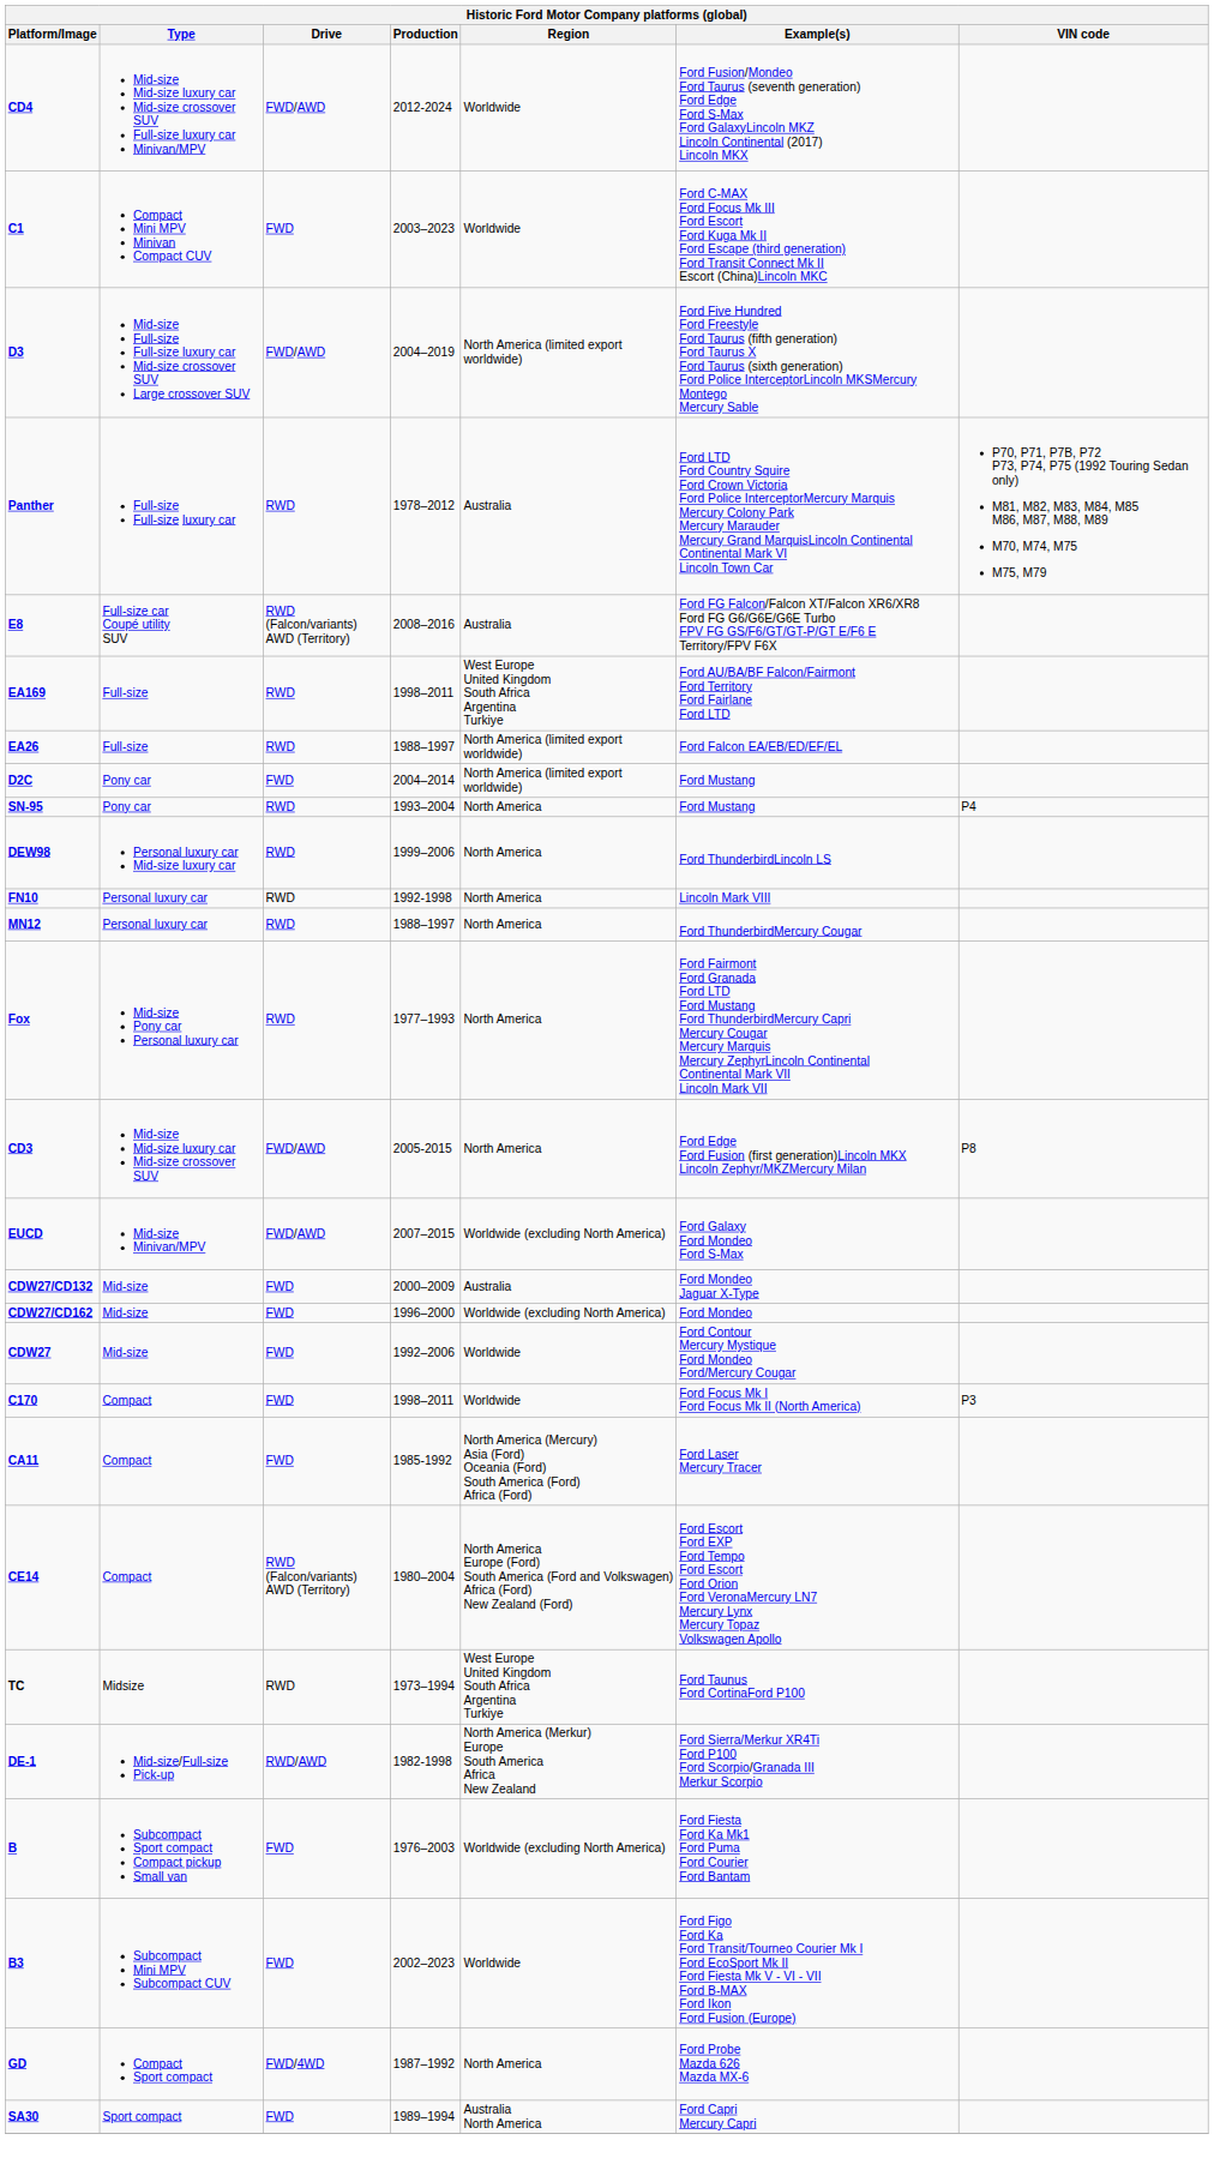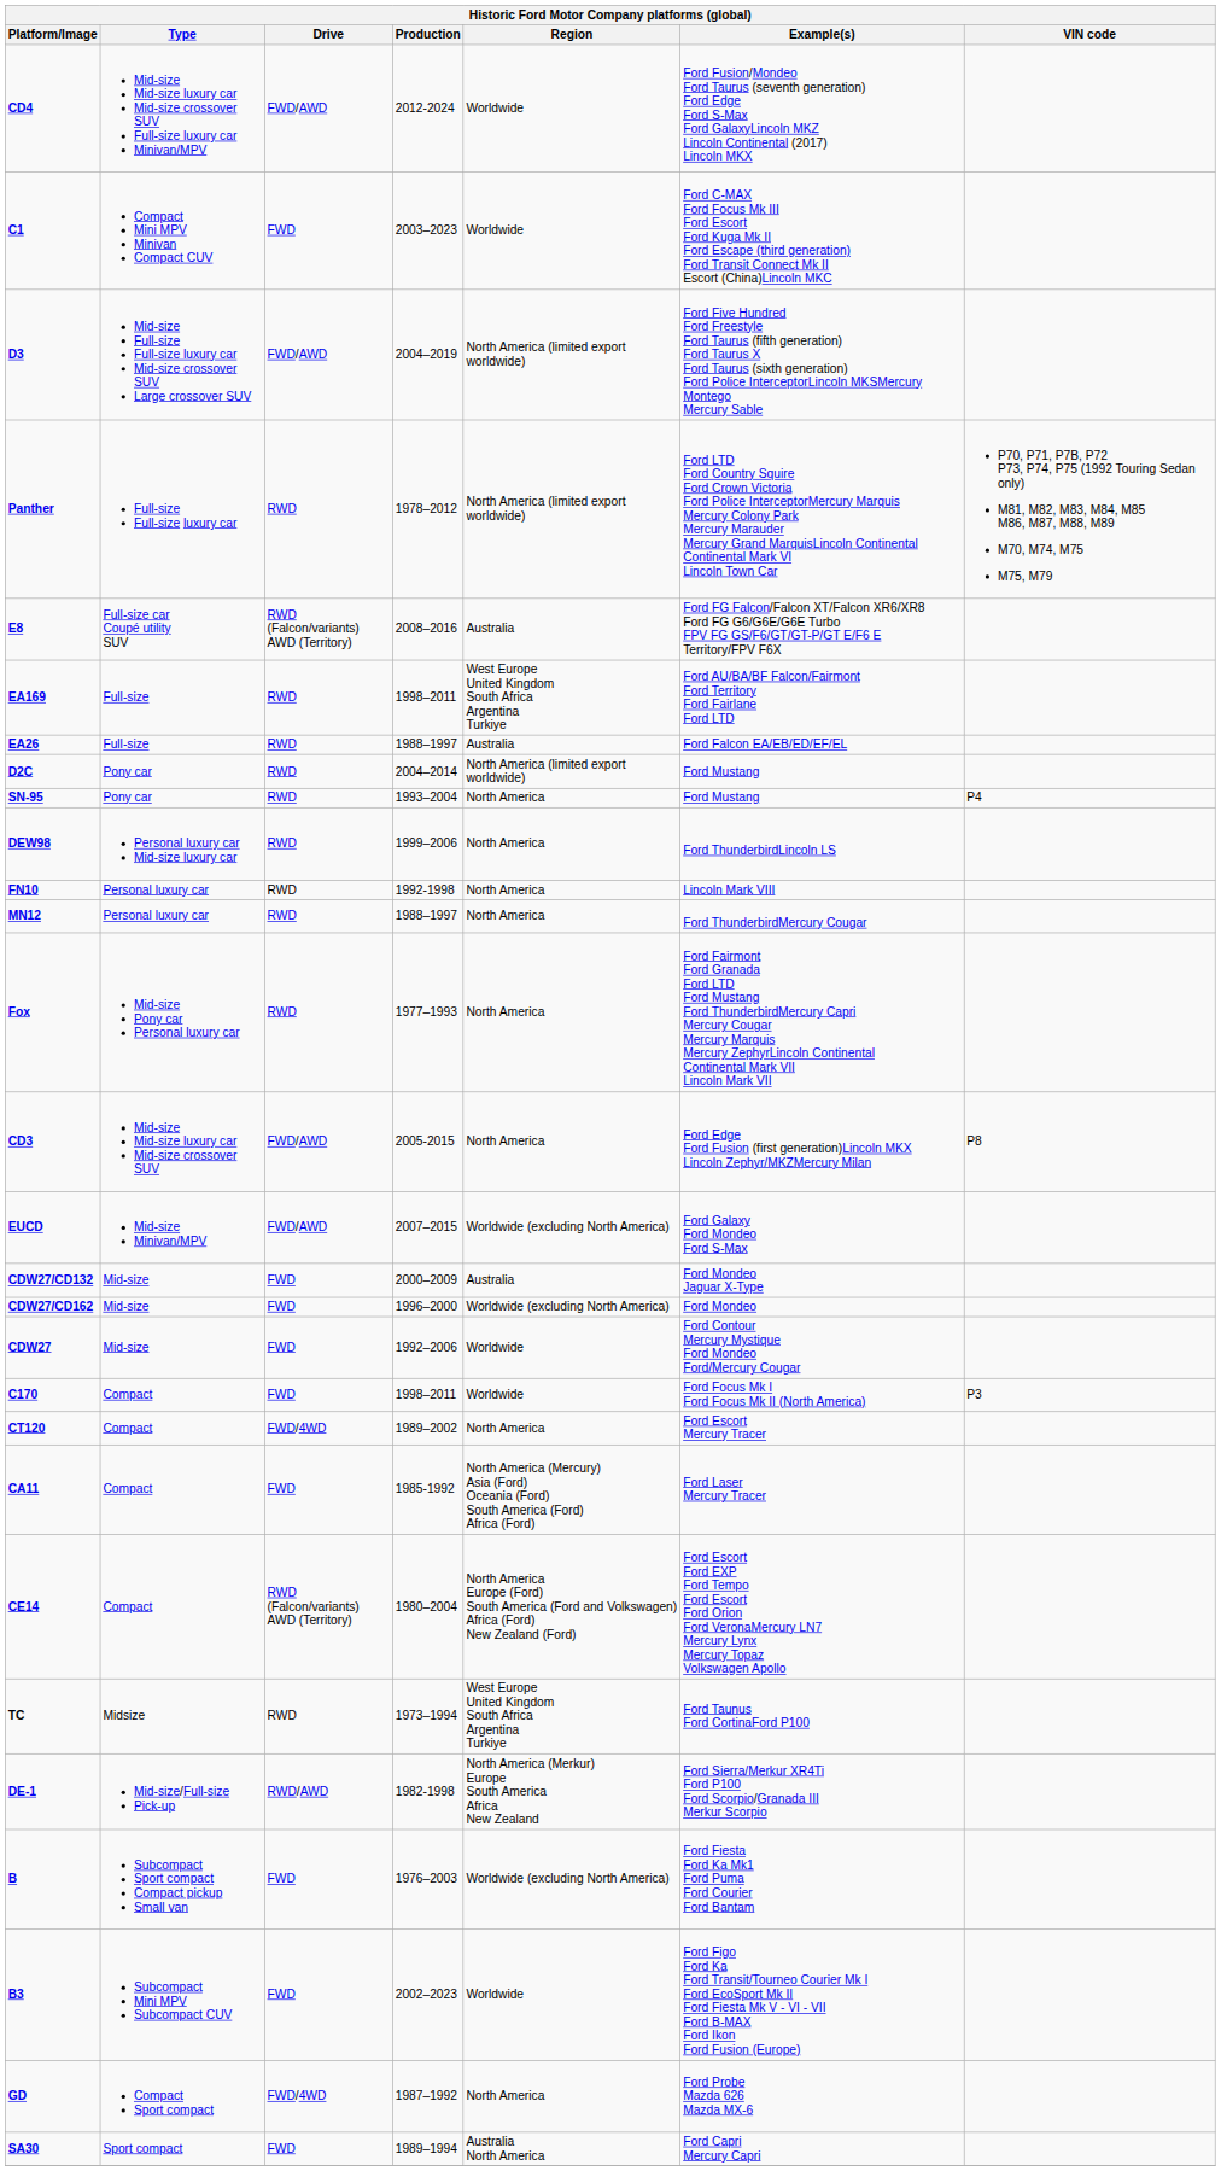 <table class="wikitable collapsible" border="1">
 <tr>
 <th colspan=7>Historic Ford Motor Company platforms (global)</th>
 </tr>
 <tr>
 <th>Platform/Image</th>
 <th><a href='#'>Type</a></th>
 <th>Drive</th>
 <th>Production</th>
 <th>Region</th>
 <th>Example(s)</th>
 <th>VIN code</th>
 </tr>
 <tr>
 <td><a href='#'><strong>CD4</strong></a><br></td>
 <td><br><ul><li><a href='#'>Mid-size</a></li><li><a href='#'>Mid-size luxury car</a></li><li><a href='#'>Mid-size crossover SUV</a></li><li><a href='#'>Full-size luxury car</a></li><li><a href='#'>Minivan/MPV</a></li></ul></td>
 <td><a href='#'>FWD</a>/<a href='#'>AWD</a></td>
 <td>2012-2024</td>
 <td>Worldwide</td>
 <td><br><a href='#'>Ford Fusion</a>/<a href='#'>Mondeo</a><br><a href='#'>Ford Taurus</a> (seventh generation)<br><a href='#'>Ford Edge</a><br><a href='#'>Ford S-Max</a><br><a href='#'>Ford Galaxy</a><a href='#'>Lincoln MKZ</a><br><a href='#'>Lincoln Continental</a> (2017)<br><a href='#'>Lincoln MKX</a></td>
 <td></td>
 </tr>
 <tr>
 <td><strong><a href='#'>C1</a></strong><br></td>
 <td><br><ul><li><a href='#'>Compact</a></li><li><a href='#'>Mini MPV</a></li><li><a href='#'>Minivan</a></li><li><a href='#'>Compact CUV</a></li></ul></td>
 <td><a href='#'>FWD</a></td>
 <td>2003–2023</td>
 <td>Worldwide</td>
 <td><br><a href='#'>Ford C-MAX</a><br><a href='#'>Ford Focus Mk III</a><br><a href='#'>Ford Escort</a><br><a href='#'>Ford Kuga Mk II</a><br><a href='#'>Ford Escape (third generation)</a><br><a href='#'>Ford Transit Connect Mk II</a><br>Escort (China)<a href='#'>Lincoln MKC</a></td>
 <td></td>
 </tr>
 <tr>
 <td><strong><a href='#'>D3</a></strong><br> </td>
 <td><br><ul><li><a href='#'>Mid-size</a></li><li><a href='#'>Full-size</a></li><li><a href='#'>Full-size luxury car</a></li><li><a href='#'>Mid-size crossover SUV</a></li><li><a href='#'>Large crossover SUV</a></li></ul></td>
 <td><a href='#'>FWD</a>/<a href='#'>AWD</a></td>
 <td>2004–2019</td>
 <td>North America (limited export worldwide)</td>
 <td><br><a href='#'>Ford Five Hundred</a><br><a href='#'>Ford Freestyle</a><br><a href='#'>Ford Taurus</a> (fifth generation)<br><a href='#'>Ford Taurus X</a><br><a href='#'>Ford Taurus</a> (sixth generation)<br><a href='#'>Ford Police Interceptor</a><a href='#'>Lincoln MKS</a><a href='#'>Mercury Montego</a><br><a href='#'>Mercury Sable</a></td>
 <td></td>
 </tr>
 <tr>
 <td><strong><a href='#'>Panther</a></strong><br> </td>
 <td><br><ul><li><a href='#'>Full-size</a></li><li><a href='#'>Full-size</a> <a href='#'>luxury car</a></li></ul></td>
 <td><a href='#'>RWD</a></td>
 <td>1978–2012</td>
-<td>Australia</td>
+<td>North America (limited export worldwide)</td>
 <td><br><a href='#'>Ford LTD</a><br><a href='#'>Ford Country Squire</a><br><a href='#'>Ford Crown Victoria</a><br><a href='#'>Ford Police Interceptor</a><a href='#'>Mercury Marquis</a><br><a href='#'>Mercury Colony Park</a><br><a href='#'>Mercury Marauder</a><br><a href='#'>Mercury Grand Marquis</a><a href='#'>Lincoln Continental</a><br><a href='#'>Continental Mark VI</a><br><a href='#'>Lincoln Town Car</a></td>
 <td><br><ul><li>P70, P71, P7B, P72<br>P73, P74, P75 (1992 Touring Sedan only)</li></ul><ul><li>M81, M82, M83, M84, M85<br>M86, M87, M88, M89</li></ul><ul><li>M70, M74, M75</li></ul><ul><li>M75, M79</li></ul></td>
 </tr>
 <tr>
 <td><strong><a href='#'>E8</a></strong><br></td>
 <td><a href='#'>Full-size car</a><br><a href='#'>Coupé utility</a><br>SUV</td>
 <td><a href='#'>RWD</a> (Falcon/variants)<br>AWD (Territory)</td>
 <td>2008–2016</td>
 <td>Australia</td>
 <td><a href='#'>Ford FG Falcon</a>/Falcon XT/Falcon XR6/XR8<br>Ford FG G6/G6E/G6E Turbo<br><a href='#'>FPV FG GS/F6/GT/GT-P/GT E/F6 E</a><br>Territory/FPV F6X</td>
 <td></td>
 </tr>
 <tr>
 <td><strong><a href='#'>EA169</a></strong><br></td>
 <td><a href='#'>Full-size</a></td>
 <td><a href='#'>RWD</a></td>
 <td>1998–2011</td>
 <td>West Europe<br>United Kingdom<br>South Africa<br>Argentina<br>Turkiye</td>
 <td><a href='#'>Ford AU/BA/BF Falcon/Fairmont</a><br><a href='#'>Ford Territory</a><br><a href='#'>Ford Fairlane</a><br><a href='#'>Ford LTD</a></td>
 <td></td>
 </tr>
 <tr>
 <td><strong><a href='#'>EA26</a></strong><br></td>
 <td><a href='#'>Full-size</a></td>
 <td><a href='#'>RWD</a></td>
 <td>1988–1997</td>
-<td>North America (limited export worldwide)</td>
+<td>Australia</td>
 <td><a href='#'>Ford Falcon EA/EB/ED/EF/EL</a></td>
 <td></td>
 </tr>
 <tr>
 <td><strong><a href='#'>D2C</a></strong><br></td>
 <td><a href='#'>Pony car</a></td>
-<td><a href='#'>FWD</a></td>
+<td><a href='#'>RWD</a></td>
 <td>2004–2014</td>
 <td>North America (limited export worldwide)</td>
 <td><a href='#'>Ford Mustang</a></td>
 <td></td>
 </tr>
 <tr>
 <td><strong><a href='#'>SN-95</a></strong><br></td>
 <td><a href='#'>Pony car</a></td>
 <td><a href='#'>RWD</a></td>
 <td>1993–2004</td>
 <td>North America</td>
 <td><a href='#'>Ford Mustang</a></td>
 <td>P4</td>
 </tr>
 <tr>
 <td><strong><a href='#'>DEW98</a></strong><br></td>
 <td><br><ul><li><a href='#'>Personal luxury car</a></li><li><a href='#'>Mid-size luxury car</a></li></ul></td>
 <td><a href='#'>RWD</a></td>
 <td>1999–2006</td>
 <td>North America</td>
 <td><br><a href='#'>Ford Thunderbird</a><a href='#'>Lincoln LS</a></td>
 <td></td>
 </tr>
 <tr>
 <td><strong><a href='#'>FN10</a></strong><br></td>
 <td><a href='#'>Personal luxury car</a></td>
 <td>RWD</td>
 <td>1992-1998</td>
 <td>North America</td>
 <td><a href='#'>Lincoln Mark VIII</a></td>
 <td></td>
 </tr>
 <tr>
 <td><strong><a href='#'>MN12</a></strong><br></td>
 <td><a href='#'>Personal luxury car</a></td>
 <td><a href='#'>RWD</a></td>
 <td>1988–1997</td>
 <td>North America</td>
 <td><br><a href='#'>Ford Thunderbird</a><a href='#'>Mercury Cougar</a></td>
 <td></td>
 </tr>
 <tr>
 <td><strong><a href='#'>Fox</a></strong><br> </td>
 <td><br><ul><li><a href='#'>Mid-size</a></li><li><a href='#'>Pony car</a></li><li><a href='#'>Personal luxury car</a></li></ul></td>
 <td><a href='#'>RWD</a></td>
 <td>1977–1993</td>
 <td>North America</td>
 <td><br><a href='#'>Ford Fairmont</a><br><a href='#'>Ford Granada</a><br><a href='#'>Ford LTD</a><br><a href='#'>Ford Mustang</a><br><a href='#'>Ford Thunderbird</a><a href='#'>Mercury Capri</a><br><a href='#'>Mercury Cougar</a><br><a href='#'>Mercury Marquis</a><br><a href='#'>Mercury Zephyr</a><a href='#'>Lincoln Continental</a><br><a href='#'>Continental Mark VII<br>Lincoln Mark VII</a></td>
 <td></td>
 </tr>
 <tr>
 <td><strong><a href='#'>CD3</a></strong><br></td>
 <td><br><ul><li><a href='#'>Mid-size</a></li><li><a href='#'>Mid-size luxury car</a></li><li><a href='#'>Mid-size crossover SUV</a></li></ul></td>
 <td><a href='#'>FWD</a>/<a href='#'>AWD</a></td>
 <td>2005-2015</td>
 <td>North America</td>
 <td><br><a href='#'>Ford Edge</a><br><a href='#'>Ford Fusion</a> (first generation)<a href='#'>Lincoln MKX</a><br><a href='#'>Lincoln Zephyr/MKZ</a><a href='#'>Mercury Milan</a></td>
 <td>P8</td>
 </tr>
 <tr>
 <td><strong><a href='#'>EUCD</a></strong><br></td>
 <td><br><ul><li><a href='#'>Mid-size</a></li><li><a href='#'>Minivan/MPV</a></li></ul></td>
 <td><a href='#'>FWD</a>/<a href='#'>AWD</a></td>
 <td>2007–2015</td>
 <td>Worldwide (excluding North America)</td>
 <td><br><a href='#'>Ford Galaxy</a><br><a href='#'>Ford Mondeo</a><br><a href='#'>Ford S-Max</a></td>
 <td></td>
 </tr>
 <tr>
 <td><strong><a href='#'>CDW27/CD132</a></strong><br></td>
 <td><a href='#'>Mid-size</a></td>
 <td><a href='#'>FWD</a></td>
 <td>2000–2009</td>
 <td>Australia</td>
 <td><a href='#'>Ford Mondeo</a><br><a href='#'>Jaguar X-Type</a></td>
 <td></td>
 </tr>
 <tr>
 <td><strong><a href='#'>CDW27/CD162</a></strong><br></td>
 <td><a href='#'>Mid-size</a></td>
 <td><a href='#'>FWD</a></td>
 <td>1996–2000</td>
 <td>Worldwide (excluding North America)</td>
 <td><a href='#'>Ford Mondeo</a></td>
 <td></td>
 </tr>
 <tr>
 <td><strong><a href='#'>CDW27</a></strong><br></td>
 <td><a href='#'>Mid-size</a></td>
 <td><a href='#'>FWD</a></td>
 <td>1992–2006</td>
 <td>Worldwide</td>
 <td><a href='#'>Ford Contour</a><br><a href='#'>Mercury Mystique</a><br><a href='#'>Ford Mondeo</a><br><a href='#'>Ford/Mercury Cougar</a></td>
 <td></td>
 </tr>
 <tr>
 <td><strong><a href='#'>C170</a></strong><br></td>
 <td><a href='#'>Compact</a></td>
 <td><a href='#'>FWD</a></td>
 <td>1998–2011</td>
 <td>Worldwide</td>
 <td><a href='#'>Ford Focus Mk I</a><br><a href='#'>Ford Focus Mk II (North America)</a></td>
 <td>P3</td>
 </tr>
 <tr>
+<td><strong><a href='#'>CT120</a></strong><br></td>
+<td><a href='#'>Compact</a></td>
+<td><a href='#'>FWD</a>/<a href='#'>4WD</a></td>
+<td>1989–2002</td>
+<td>North America</td>
+<td><a href='#'>Ford Escort</a><br><a href='#'>Mercury Tracer</a></td>
+<td></td>
+</tr>
+<tr>
 <td><strong><a href='#'>CA11</a></strong><br></td>
 <td><a href='#'>Compact</a></td>
 <td><a href='#'>FWD</a></td>
 <td>1985-1992</td>
 <td><br>North America (Mercury)<br>Asia (Ford)<br>Oceania (Ford)<br>South America (Ford)<br>Africa (Ford)</td>
 <td><a href='#'>Ford Laser</a><br><a href='#'>Mercury Tracer</a></td>
 <td></td>
 </tr>
 <tr>
 <td><strong><a href='#'>CE14</a></strong><br> </td>
 <td><a href='#'>Compact</a></td>
 <td><a href='#'>RWD</a> (Falcon/variants)<br>AWD (Territory)</td>
 <td>1980–2004</td>
 <td>North America<br>Europe (Ford)<br>South America (Ford and Volkswagen)<br>Africa (Ford)<br>New Zealand (Ford)</td>
 <td><br><a href='#'>Ford Escort</a><br><a href='#'>Ford EXP</a><br><a href='#'>Ford Tempo</a><br><a href='#'>Ford Escort</a><br><a href='#'>Ford Orion</a><br><a href='#'>Ford Verona</a><a href='#'>Mercury LN7</a><br><a href='#'>Mercury Lynx</a><br><a href='#'>Mercury Topaz</a><br><a href='#'>Volkswagen Apollo</a></td>
 <td></td>
 </tr>
 <tr>
 <td><strong>TC</strong><br></td>
 <td>Midsize</td>
 <td>RWD</td>
 <td>1973–1994</td>
 <td>West Europe<br>United Kingdom<br>South Africa<br>Argentina<br>Turkiye</td>
 <td><a href='#'>Ford Taunus</a><br><a href='#'>Ford Cortina</a><a href='#'>Ford P100</a></td>
 <td></td>
 </tr>
 <tr>
 <td><strong><a href='#'>DE-1</a></strong><br></td>
 <td><br><ul><li><a href='#'>Mid-size</a>/<a href='#'>Full-size</a></li><li><a href='#'>Pick-up</a></li></ul></td>
 <td><a href='#'>RWD</a>/<a href='#'>AWD</a></td>
 <td>1982-1998</td>
 <td>North America (Merkur)<br>Europe<br>South America<br>Africa<br>New Zealand</td>
 <td><a href='#'>Ford Sierra/Merkur XR4Ti</a><br><a href='#'>Ford P100</a><br><a href='#'>Ford Scorpio</a>/<a href='#'>Granada III</a><br><a href='#'>Merkur Scorpio</a></td>
 <td></td>
 </tr>
 <tr>
 <td><strong><a href='#'>B</a></strong><br></td>
 <td><br><ul><li><a href='#'>Subcompact</a></li><li><a href='#'>Sport compact</a></li><li><a href='#'>Compact pickup</a></li><li><a href='#'>Small van</a></li></ul></td>
 <td><a href='#'>FWD</a></td>
 <td>1976–2003</td>
 <td>Worldwide (excluding North America)</td>
 <td><a href='#'>Ford Fiesta</a><br><a href='#'>Ford Ka Mk1</a><br><a href='#'>Ford Puma</a><br><a href='#'>Ford Courier</a><br><a href='#'>Ford Bantam</a></td>
 <td></td>
 </tr>
 <tr>
 <td><strong><a href='#'>B3</a></strong><br> </td>
 <td><br><ul><li><a href='#'>Subcompact</a></li><li><a href='#'>Mini MPV</a></li><li><a href='#'>Subcompact CUV</a></li></ul></td>
 <td><a href='#'>FWD</a></td>
 <td>2002–2023</td>
 <td>Worldwide</td>
 <td><br><a href='#'>Ford Figo</a><br><a href='#'>Ford Ka</a><br><a href='#'>Ford Transit/Tourneo Courier Mk I</a><br><a href='#'>Ford EcoSport Mk II</a><br><a href='#'>Ford Fiesta Mk V - VI - VII</a><br><a href='#'>Ford B-MAX</a><br><a href='#'>Ford Ikon</a><br><a href='#'>Ford Fusion (Europe)</a></td>
 <td></td>
 </tr>
 <tr>
 <td><strong><a href='#'>GD</a></strong><br></td>
 <td><br><ul><li><a href='#'>Compact</a></li><li><a href='#'>Sport compact</a></li></ul></td>
 <td><a href='#'>FWD</a>/<a href='#'>4WD</a></td>
 <td>1987–1992</td>
 <td>North America</td>
 <td><a href='#'>Ford Probe</a><br><a href='#'>Mazda 626</a><br><a href='#'>Mazda MX-6</a></td>
 <td></td>
 </tr>
 <tr>
 <td><strong><a href='#'>SA30</a></strong><br></td>
 <td><a href='#'>Sport compact</a></td>
 <td><a href='#'>FWD</a></td>
 <td>1989–1994</td>
 <td>Australia<br>North America</td>
 <td><a href='#'>Ford Capri</a><br><a href='#'>Mercury Capri</a></td>
 <td></td>
 </tr>
 <tr>
 </tr>
 </table>
